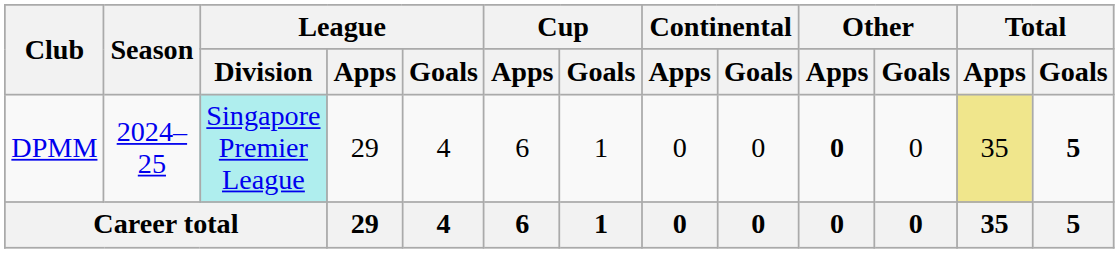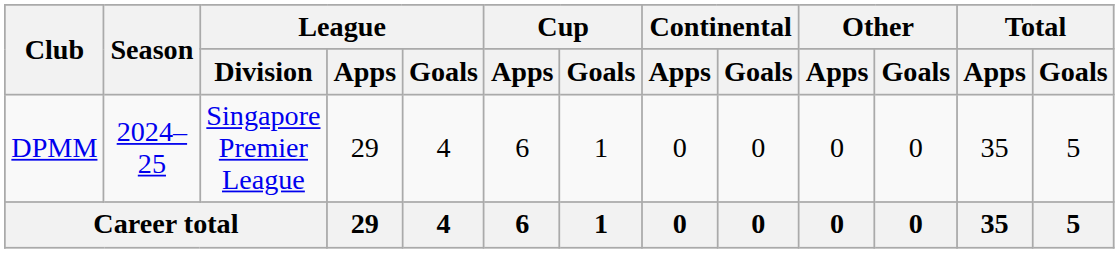 <table class="wikitable" style="text-align:center">
 <tr>
 <th rowspan=2>Club</th>
 <th rowspan=2>Season</th>
 <th colspan=3>League</th>
 <th colspan=2>Cup</th>
 <th colspan=2>Continental</th>
 <th colspan=2>Other</th>
 <th colspan=2>Total</th>
 </tr>
 <tr>
 <th>Division</th>
 <th>Apps</th>
 <th>Goals</th>
 <th>Apps</th>
 <th>Goals</th>
 <th>Apps</th>
 <th>Goals</th>
 <th>Apps</th>
 <th>Goals</th>
 <th>Apps</th>
 <th>Goals</th>
 </tr>
 <tr>
 <td><a href='#'>DPMM</a></td>
 <td><a href='#'>2024–25</a></td>
-<td style="background: paleturquoise;"><a href='#'>Singapore Premier League</a></td>
+<td><a href='#'>Singapore Premier League</a></td>
 <td>29</td>
 <td>4</td>
 <td>6</td>
 <td>1</td>
 <td>0</td>
 <td>0</td>
-<td><strong>0</strong></td>
 <td>0</td>
-<td style="background: khaki;">35</td>
-<td><strong>5</strong></td>
+<td>0</td>
+<td>35</td>
+<td>5</td>
 </tr>
 <tr>
 <th colspan="3">Career total</th>
 <th>29</th>
 <th>4</th>
 <th>6</th>
 <th>1</th>
 <th>0</th>
 <th>0</th>
 <th>0</th>
 <th>0</th>
 <th>35</th>
 <th>5</th>
 </tr>
 </table>
